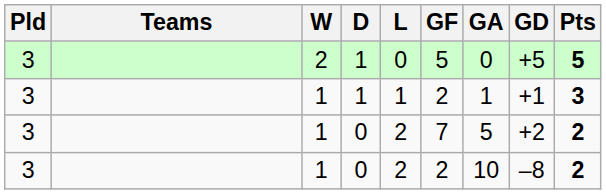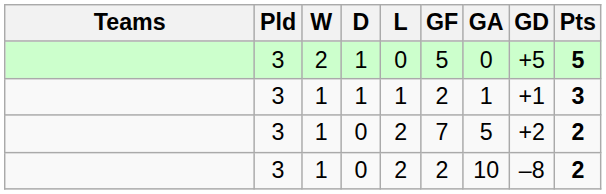 <table class="wikitable" style="text-align: center;">
 <tr>
+<th width=165>Teams</th>
 <th width=20>Pld</th>
-<th width=165>Teams</th>
 <th width=20>W</th>
 <th width=20>D</th>
 <th width=20>L</th>
 <th width=20>GF</th>
 <th width=20>GA</th>
 <th width=20>GD</th>
 <th width=20>Pts</th>
 </tr>
 <tr align=center style="background:#ccffcc;">
+<td style="text-align:left;"></td>
 <td>3</td>
-<td style="text-align:left;"></td>
 <td>2</td>
 <td>1</td>
 <td>0</td>
 <td>5</td>
 <td>0</td>
 <td>+5</td>
 <td><strong>5</strong></td>
 </tr>
 <tr align=center>
+<td style="text-align:left;"></td>
 <td>3</td>
-<td style="text-align:left;"></td>
 <td>1</td>
 <td>1</td>
 <td>1</td>
 <td>2</td>
 <td>1</td>
 <td>+1</td>
 <td><strong>3</strong></td>
 </tr>
 <tr align=center>
+<td style="text-align:left;"></td>
 <td>3</td>
-<td style="text-align:left;"></td>
 <td>1</td>
 <td>0</td>
 <td>2</td>
 <td>7</td>
 <td>5</td>
 <td>+2</td>
 <td><strong>2</strong></td>
 </tr>
 <tr align=center>
+<td style="text-align:left;"></td>
 <td>3</td>
-<td style="text-align:left;"></td>
 <td>1</td>
 <td>0</td>
 <td>2</td>
 <td>2</td>
 <td>10</td>
 <td>–8</td>
 <td><strong>2</strong></td>
 </tr>
 </table>
